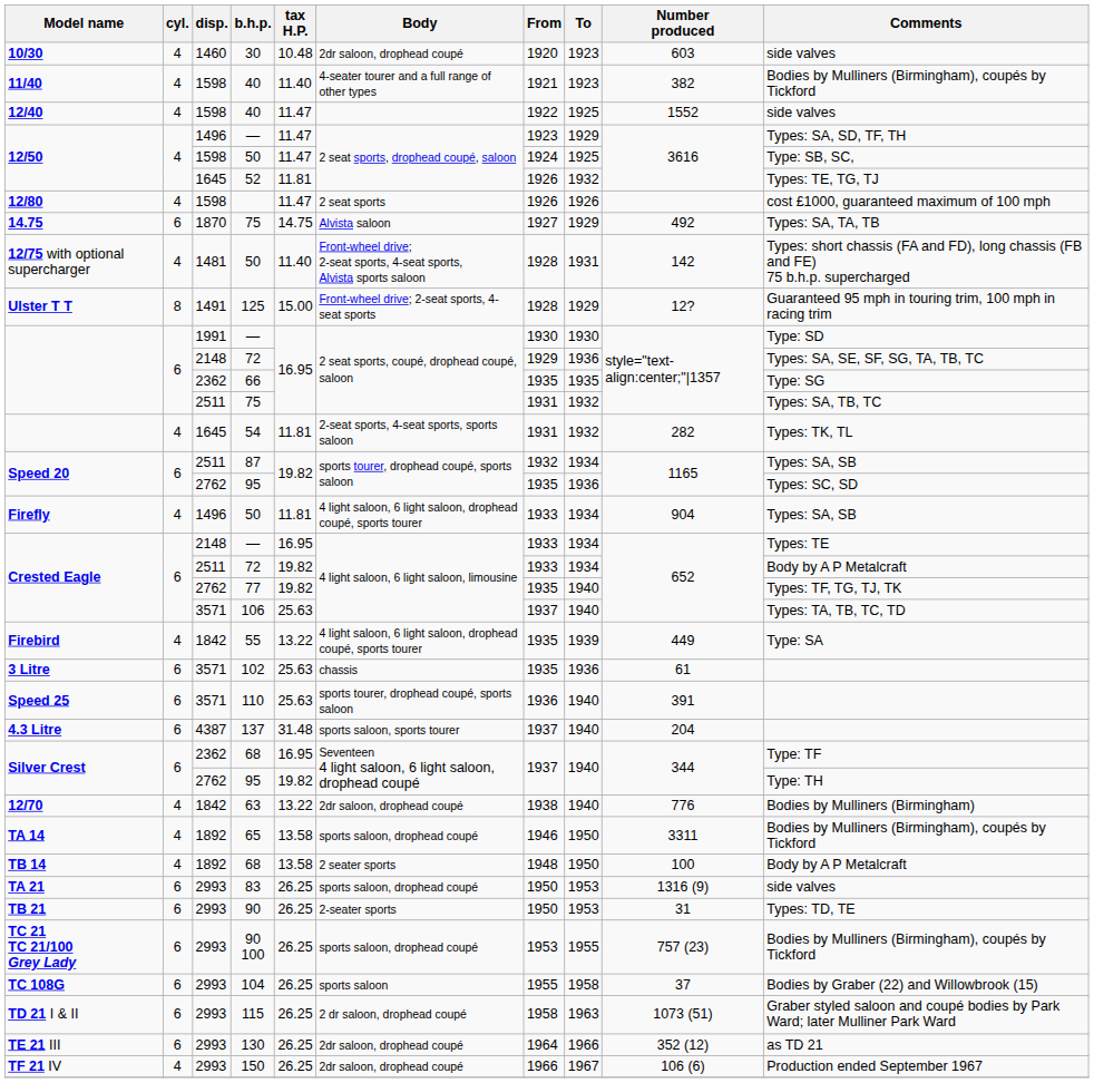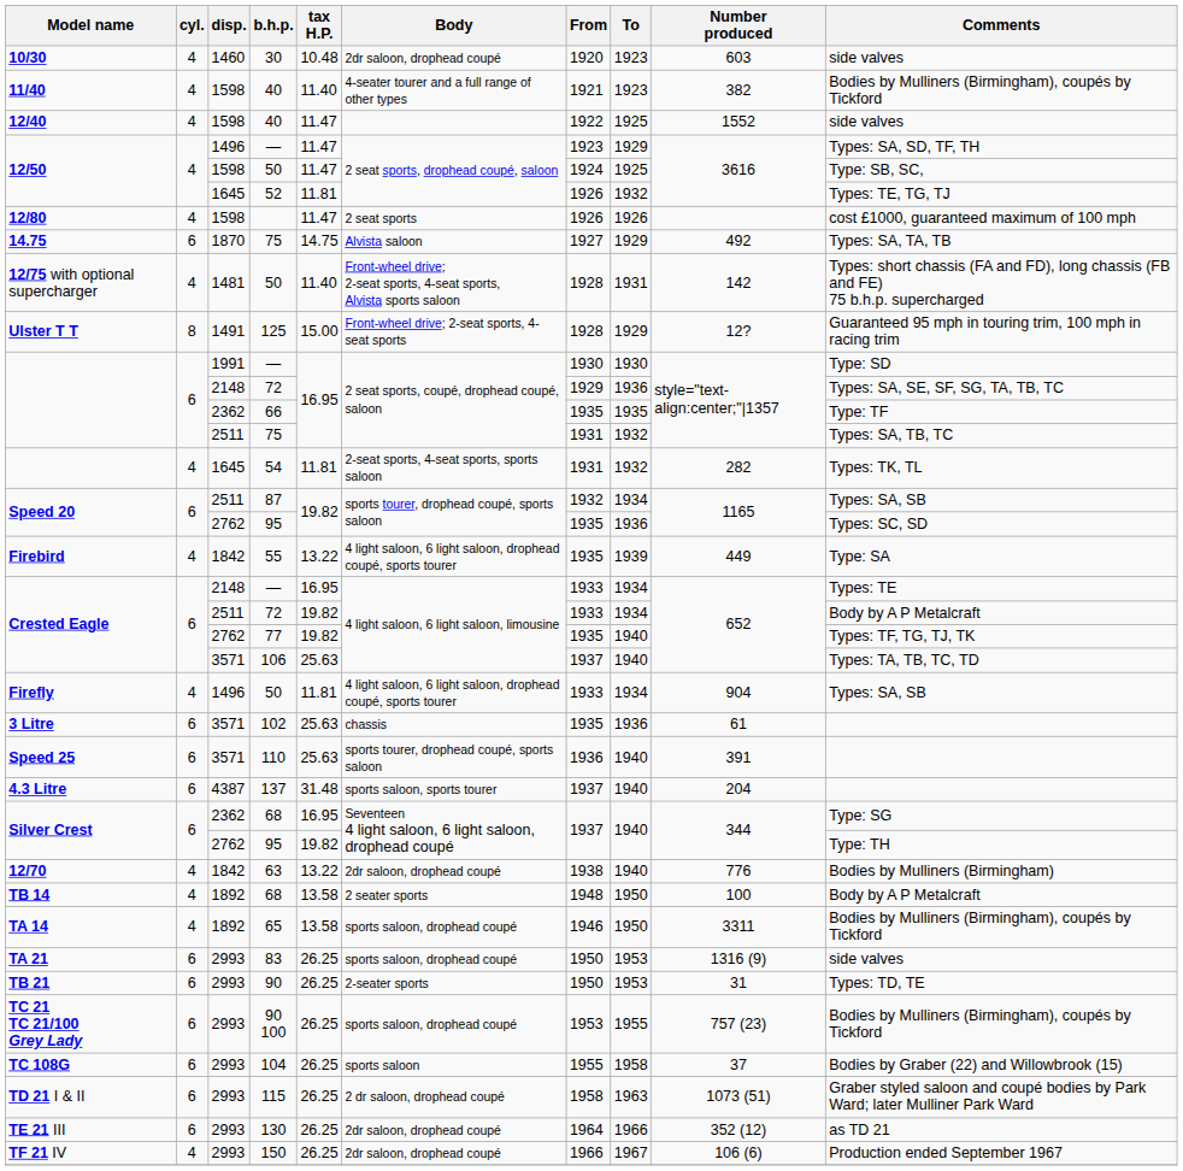 <table class="wikitable">
 <tr>
 <th><strong>Model name</strong> </th>
 <th>cyl.</th>
 <th>disp.</th>
 <th>b.h.p.</th>
 <th>tax<br>H.P.</th>
 <th>Body</th>
 <th>From</th>
 <th>To</th>
 <th>Number<br>produced<br></th>
 <th>Comments</th>
 </tr>
 <tr>
 <td><strong><a href='#'>10/30</a></strong></td>
 <td style="text-align:center;">4</td>
 <td>1460</td>
 <td style="text-align:center;">30</td>
 <td>10.48</td>
 <td><small>2dr saloon, drophead coupé</small></td>
 <td>1920</td>
 <td>1923</td>
 <td style="text-align:center;">603</td>
 <td>side valves</td>
 </tr>
 <tr>
 <td><strong><a href='#'>11/40</a></strong></td>
 <td style="text-align:center;">4</td>
 <td>1598</td>
 <td style="text-align:center;">40</td>
 <td>11.40</td>
 <td><small>4-seater tourer and a full range of other types</small></td>
 <td>1921</td>
 <td>1923</td>
 <td style="text-align:center;">382</td>
 <td>Bodies by Mulliners (Birmingham), coupés by Tickford</td>
 </tr>
 <tr>
 <td><strong><a href='#'>12/40</a></strong></td>
 <td style="text-align:center;">4</td>
 <td>1598</td>
 <td style="text-align:center;">40</td>
 <td>11.47</td>
 <td></td>
 <td>1922</td>
 <td>1925</td>
 <td style="text-align:center;">1552</td>
 <td>side valves</td>
 </tr>
 <tr>
 <td rowspan="3"><strong><a href='#'>12/50</a></strong></td>
 <td rowspan="3" style="text-align:center;">4</td>
 <td>1496</td>
 <td style="text-align:center;">—</td>
 <td>11.47</td>
 <td rowspan="3"><small>2 seat <a href='#'>sports</a>, <a href='#'>drophead coupé</a>, <a href='#'>saloon</a></small></td>
 <td>1923</td>
 <td>1929</td>
 <td rowspan="3" style="text-align:center;">3616</td>
 <td>Types: SA, SD, TF, TH</td>
 </tr>
 <tr>
 <td>1598</td>
 <td style="text-align:center;">50</td>
 <td>11.47</td>
 <td>1924</td>
 <td>1925</td>
 <td>Type: SB, SC,</td>
 </tr>
 <tr>
 <td>1645</td>
 <td style="text-align:center;">52</td>
 <td>11.81</td>
 <td>1926</td>
 <td>1932</td>
 <td>Types: TE, TG, TJ</td>
 </tr>
 <tr>
 <td><strong><a href='#'>12/80</a></strong></td>
 <td style="text-align:center;">4</td>
 <td>1598</td>
 <td></td>
 <td>11.47</td>
 <td><small>2 seat sports</small></td>
 <td>1926</td>
 <td>1926</td>
 <td></td>
 <td>cost £1000, guaranteed maximum of 100 mph</td>
 </tr>
 <tr>
 <td><strong><a href='#'>14.75</a></strong></td>
 <td style="text-align:center;">6</td>
 <td>1870</td>
 <td style="text-align:center;">75</td>
 <td>14.75</td>
 <td><small><a href='#'>Alvista</a> saloon</small></td>
 <td>1927</td>
 <td>1929</td>
 <td style="text-align:center;">492</td>
 <td>Types: SA, TA, TB</td>
 </tr>
 <tr>
 <td><strong><a href='#'>12/75</a></strong> with optional supercharger</td>
 <td style="text-align:center;">4</td>
 <td>1481</td>
 <td style="text-align:center;">50</td>
 <td>11.40</td>
 <td><small><a href='#'>Front-wheel drive</a>;<br>2-seat sports, 4-seat sports,<br><a href='#'>Alvista</a> sports saloon</small></td>
 <td>1928</td>
 <td>1931</td>
 <td style="text-align:center;">142</td>
 <td>Types: short chassis (FA and FD), long chassis (FB and FE)<br>75 b.h.p. supercharged</td>
 </tr>
 <tr>
 <td><strong><a href='#'>Ulster T T</a></strong><br></td>
 <td style="text-align:center;">8</td>
 <td>1491</td>
 <td style="text-align:center;">125</td>
 <td>15.00</td>
 <td><small><a href='#'>Front-wheel drive</a>; 2-seat sports, 4-seat sports</small></td>
 <td>1928</td>
 <td>1929</td>
 <td style="text-align:center;">12?</td>
 <td>Guaranteed 95 mph in touring trim, 100 mph in racing trim</td>
 </tr>
 <tr>
 <td rowspan="4"><strong></strong></td>
 <td rowspan="4" style="text-align:center;">6</td>
 <td>1991</td>
 <td style="text-align:center;">—</td>
 <td rowspan="4">16.95</td>
 <td rowspan="4"><small>2 seat sports, coupé, drophead coupé, saloon</small></td>
 <td>1930</td>
 <td>1930</td>
 <td rowspan="4">style="text-align:center;"|1357</td>
 <td>Type: SD</td>
 </tr>
 <tr>
 <td>2148</td>
 <td style="text-align:center;">72</td>
 <td>1929</td>
 <td>1936</td>
 <td>Types: SA, SE, SF, SG, TA, TB, TC</td>
 </tr>
 <tr>
 <td>2362</td>
 <td style="text-align:center;">66</td>
 <td>1935</td>
 <td>1935</td>
-<td>Type: SG</td>
+<td>Type: TF</td>
 </tr>
 <tr>
 <td>2511</td>
 <td style="text-align:center;">75</td>
 <td>1931</td>
 <td>1932</td>
 <td>Types: SA, TB, TC</td>
 </tr>
 <tr>
 <td><strong></strong></td>
 <td style="text-align:center;">4</td>
 <td>1645</td>
 <td style="text-align:center;">54</td>
 <td>11.81</td>
 <td><small>2-seat sports, 4-seat sports, sports saloon</small></td>
 <td>1931</td>
 <td>1932</td>
 <td style="text-align:center;">282</td>
 <td>Types: TK, TL</td>
 </tr>
 <tr>
 <td rowspan="2"><strong><a href='#'>Speed 20</a></strong></td>
 <td rowspan="2" style="text-align:center;">6</td>
 <td>2511</td>
 <td style="text-align:center;">87</td>
 <td rowspan="2">19.82</td>
 <td rowspan="2"><small>sports <a href='#'>tourer</a>, drophead coupé, sports saloon</small></td>
 <td>1932</td>
 <td>1934</td>
 <td rowspan="2" style="text-align:center;">1165</td>
 <td>Types: SA, SB</td>
 </tr>
 <tr>
 <td>2762</td>
 <td style="text-align:center;">95</td>
 <td>1935</td>
 <td>1936</td>
 <td>Types: SC, SD</td>
 </tr>
 <tr>
-<td><strong><a href='#'>Firefly</a></strong></td>
+<td><strong><a href='#'>Firebird</a></strong></td>
 <td style="text-align:center;">4</td>
-<td>1496</td>
-<td style="text-align:center;">50</td>
-<td>11.81</td>
+<td>1842</td>
+<td style="text-align:center;">55</td>
+<td>13.22</td>
 <td><small>4 light saloon, 6 light saloon, drophead coupé, sports tourer</small></td>
-<td>1933</td>
-<td>1934</td>
-<td style="text-align:center;">904</td>
-<td>Types: SA, SB</td>
+<td>1935</td>
+<td>1939</td>
+<td style="text-align:center;">449</td>
+<td>Type: SA</td>
 </tr>
 <tr>
 <td rowspan="4"><strong><a href='#'>Crested Eagle</a></strong></td>
 <td rowspan="4" style="text-align:center;">6</td>
 <td>2148</td>
 <td style="text-align:center;">—</td>
 <td>16.95</td>
 <td rowspan="4"><small>4 light saloon, 6 light saloon, limousine</small></td>
 <td>1933</td>
 <td>1934</td>
 <td rowspan="4" style="text-align:center;">652</td>
 <td>Types: TE</td>
 </tr>
 <tr>
 <td>2511</td>
 <td style="text-align:center;">72</td>
 <td>19.82</td>
 <td>1933</td>
 <td>1934</td>
 <td>Body by A P Metalcraft</td>
 </tr>
 <tr>
 <td>2762</td>
 <td style="text-align:center;">77</td>
 <td>19.82</td>
 <td>1935</td>
 <td>1940</td>
 <td>Types: TF, TG, TJ, TK</td>
 </tr>
 <tr>
 <td>3571</td>
 <td style="text-align:center;">106</td>
 <td>25.63</td>
 <td>1937</td>
 <td>1940</td>
 <td>Types: TA, TB, TC, TD</td>
 </tr>
 <tr>
-<td><strong><a href='#'>Firebird</a></strong></td>
+<td><strong><a href='#'>Firefly</a></strong></td>
 <td style="text-align:center;">4</td>
-<td>1842</td>
-<td style="text-align:center;">55</td>
-<td>13.22</td>
+<td>1496</td>
+<td style="text-align:center;">50</td>
+<td>11.81</td>
 <td><small>4 light saloon, 6 light saloon, drophead coupé, sports tourer</small></td>
-<td>1935</td>
-<td>1939</td>
-<td style="text-align:center;">449</td>
-<td>Type: SA</td>
+<td>1933</td>
+<td>1934</td>
+<td style="text-align:center;">904</td>
+<td>Types: SA, SB</td>
 </tr>
 <tr>
 <td><strong><a href='#'>3 Litre</a></strong></td>
 <td style="text-align:center;">6</td>
 <td>3571</td>
 <td style="text-align:center;">102</td>
 <td>25.63</td>
 <td><small>chassis</small></td>
 <td>1935</td>
 <td>1936</td>
 <td style="text-align:center;">61</td>
 <td></td>
 </tr>
 <tr>
 <td><strong><a href='#'>Speed 25</a></strong></td>
 <td style="text-align:center;">6</td>
 <td>3571</td>
 <td style="text-align:center;">110</td>
 <td>25.63</td>
 <td><small>sports tourer, drophead coupé, sports saloon</small></td>
 <td>1936</td>
 <td>1940</td>
 <td style="text-align:center;">391</td>
 <td></td>
 </tr>
 <tr>
 <td><strong><a href='#'>4.3 Litre</a></strong></td>
 <td style="text-align:center;">6</td>
 <td>4387</td>
 <td style="text-align:center;">137</td>
 <td>31.48</td>
 <td><small>sports saloon, sports tourer</small></td>
 <td>1937</td>
 <td>1940</td>
 <td style="text-align:center;">204</td>
 <td></td>
 </tr>
 <tr>
 <td rowspan="2"><strong><a href='#'>Silver Crest</a></strong></td>
 <td rowspan="2" style="text-align:center;">6</td>
 <td>2362</td>
 <td style="text-align:center;">68</td>
 <td>16.95</td>
 <td rowspan="2"><small>Seventeen</small><br>4 light saloon, 6 light saloon, drophead coupé</td>
 <td rowspan="2">1937</td>
 <td rowspan="2">1940</td>
 <td rowspan="2" style="text-align:center;">344</td>
-<td>Type: TF</td>
+<td>Type: SG</td>
 </tr>
 <tr>
 <td>2762</td>
 <td style="text-align:center;">95</td>
 <td>19.82</td>
 <td>Type: TH</td>
 </tr>
 <tr>
 <td><strong><a href='#'>12/70</a></strong></td>
 <td style="text-align:center;">4</td>
 <td>1842</td>
 <td style="text-align:center;">63</td>
 <td>13.22</td>
 <td><small>2dr saloon, drophead coupé</small></td>
 <td>1938</td>
 <td>1940</td>
 <td style="text-align:center;">776</td>
 <td>Bodies by Mulliners (Birmingham)</td>
 </tr>
 <tr>
+<td><strong><a href='#'>TB 14</a></strong></td>
+<td style="text-align:center;">4</td>
+<td>1892</td>
+<td style="text-align:center;">68</td>
+<td>13.58</td>
+<td><small>2 seater sports</small></td>
+<td>1948</td>
+<td>1950</td>
+<td style="text-align:center;">100</td>
+<td>Body by A P Metalcraft</td>
+</tr>
+<tr>
 <td><strong><a href='#'>TA 14</a></strong></td>
 <td style="text-align:center;">4</td>
 <td>1892</td>
 <td style="text-align:center;">65</td>
 <td>13.58</td>
 <td><small>sports saloon, drophead coupé</small></td>
 <td>1946</td>
 <td>1950</td>
 <td style="text-align:center;">3311</td>
 <td>Bodies by Mulliners (Birmingham), coupés by Tickford</td>
-</tr>
-<tr>
-<td><strong><a href='#'>TB 14</a></strong></td>
-<td style="text-align:center;">4</td>
-<td>1892</td>
-<td style="text-align:center;">68</td>
-<td>13.58</td>
-<td><small>2 seater sports</small></td>
-<td>1948</td>
-<td>1950</td>
-<td style="text-align:center;">100</td>
-<td>Body by A P Metalcraft</td>
 </tr>
 <tr>
 <td><strong><a href='#'>TA 21</a></strong></td>
 <td style="text-align:center;">6</td>
 <td>2993</td>
 <td style="text-align:center;">83</td>
 <td>26.25</td>
 <td><small>sports saloon, drophead coupé</small></td>
 <td>1950</td>
 <td>1953</td>
 <td style="text-align:center;">1316 (9)</td>
 <td>side valves</td>
 </tr>
 <tr>
 <td><strong><a href='#'>TB 21</a></strong></td>
 <td style="text-align:center;">6</td>
 <td>2993</td>
 <td style="text-align:center;">90</td>
 <td>26.25</td>
 <td><small>2-seater sports</small></td>
 <td>1950</td>
 <td>1953</td>
 <td style="text-align:center;">31</td>
 <td>Types: TD, TE</td>
 </tr>
 <tr>
 <td><strong><a href='#'>TC 21</a></strong><br><strong><a href='#'>TC 21/100 <br><em>Grey Lady</em></a></strong></td>
 <td style="text-align:center;">6</td>
 <td>2993</td>
 <td style="text-align:center;">90<br>100</td>
 <td>26.25</td>
 <td><small>sports saloon, drophead coupé</small></td>
 <td>1953</td>
 <td>1955</td>
 <td style="text-align:center;">757 (23)</td>
 <td>Bodies by Mulliners (Birmingham), coupés by Tickford</td>
 </tr>
 <tr>
 <td><strong><a href='#'>TC 108G</a></strong></td>
 <td style="text-align:center;">6</td>
 <td>2993</td>
 <td style="text-align:center;">104</td>
 <td>26.25</td>
 <td><small>sports saloon</small></td>
 <td>1955</td>
 <td>1958</td>
 <td style="text-align:center;">37</td>
 <td>Bodies by Graber (22) and Willowbrook (15)</td>
 </tr>
 <tr>
 <td><strong><a href='#'>TD 21</a></strong> I & II</td>
 <td style="text-align:center;">6</td>
 <td>2993</td>
 <td style="text-align:center;">115</td>
 <td>26.25</td>
 <td><small>2 dr saloon, drophead coupé</small></td>
 <td>1958</td>
 <td>1963</td>
 <td style="text-align:center;">1073 (51)</td>
 <td>Graber styled saloon and coupé bodies by Park Ward; later Mulliner Park Ward</td>
 </tr>
 <tr>
 <td><strong><a href='#'>TE 21</a></strong> III</td>
 <td style="text-align:center;">6</td>
 <td>2993</td>
 <td style="text-align:center;">130</td>
 <td>26.25</td>
 <td><small>2dr saloon, drophead coupé</small></td>
 <td>1964</td>
 <td>1966</td>
 <td style="text-align:center;">352 (12)</td>
 <td>as TD 21</td>
 </tr>
 <tr>
 <td><strong><a href='#'>TF 21</a></strong> IV</td>
 <td style="text-align:center;">4</td>
 <td>2993</td>
 <td style="text-align:center;">150</td>
 <td>26.25</td>
 <td><small>2dr saloon, drophead coupé</small></td>
 <td>1966</td>
 <td>1967</td>
 <td style="text-align:center;">106 (6)</td>
 <td>Production ended September 1967</td>
 </tr>
 <tr>
 </tr>
 </table>
